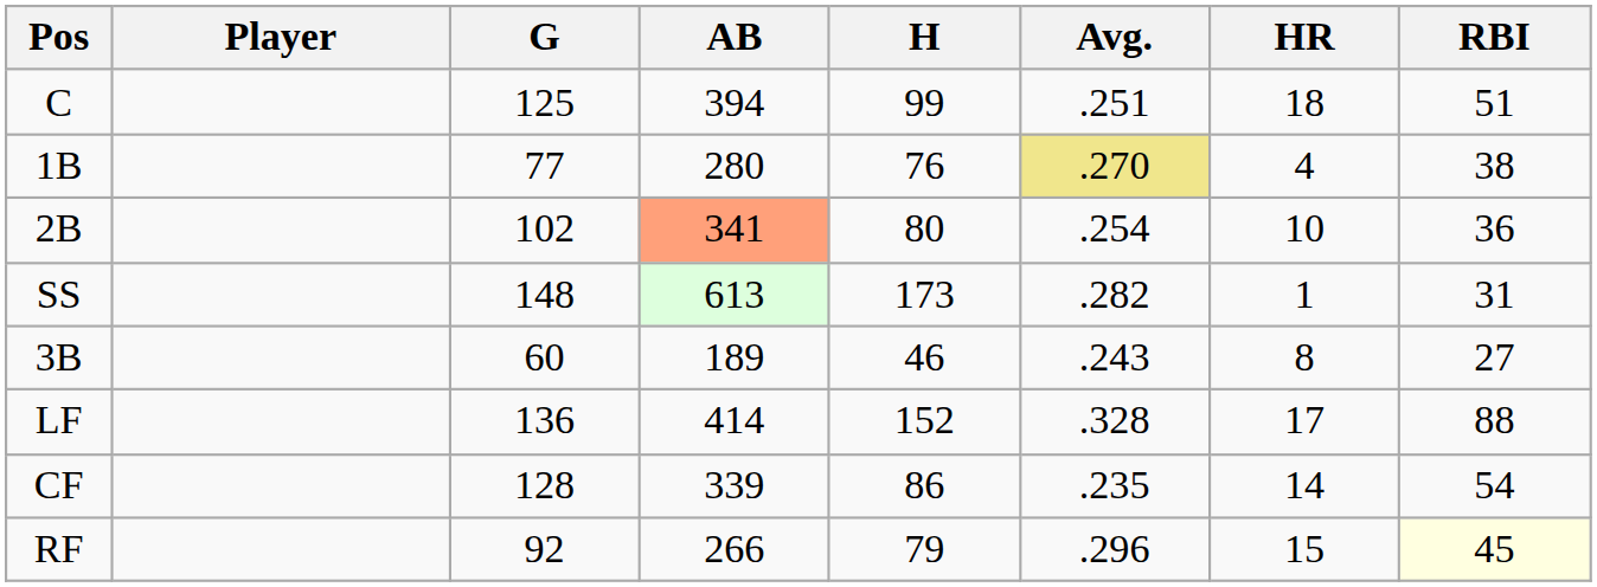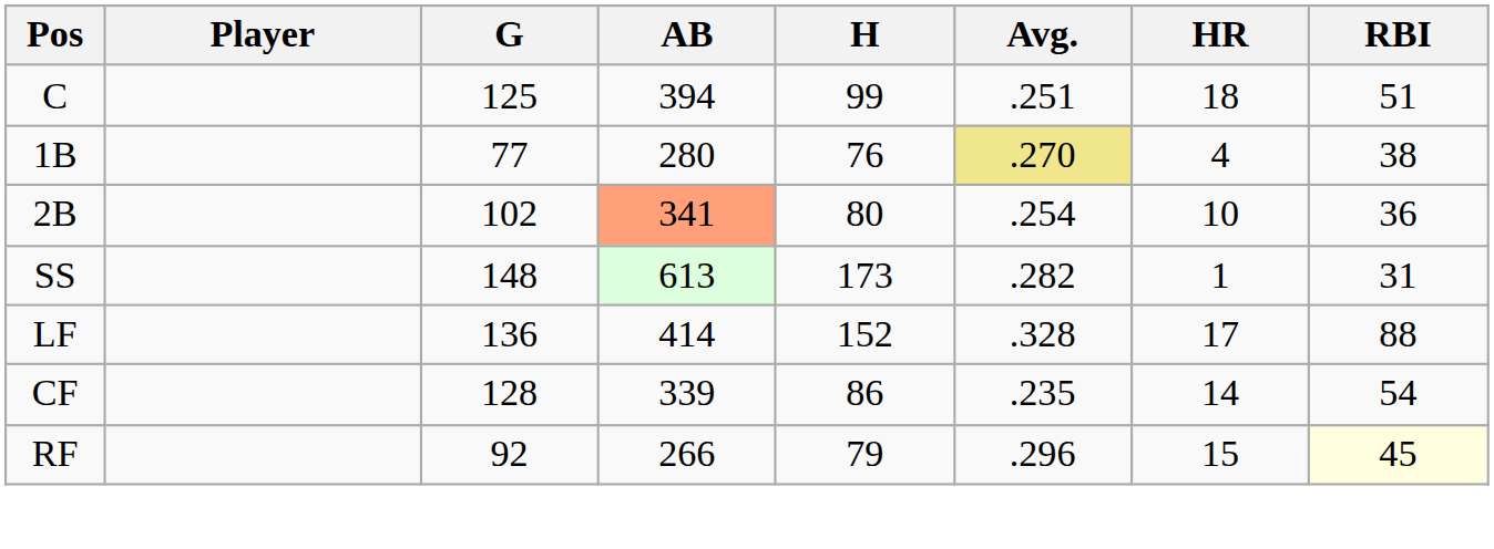 <table class="wikitable sortable">
 <tr>
 <th bgcolor="#DDDDFF" width="5%">Pos</th>
 <th bgcolor="#DDDDFF" width="16%">Player</th>
 <th bgcolor="#DDDDFF" width="9%">G</th>
 <th bgcolor="#DDDDFF" width="9%">AB</th>
 <th bgcolor="#DDDDFF" width="9%">H</th>
 <th bgcolor="#DDDDFF" width="9%">Avg.</th>
 <th bgcolor="#DDDDFF" width="9%">HR</th>
 <th bgcolor="#DDDDFF" width="9%">RBI</th>
 </tr>
 <tr align="center">
 <td>C</td>
 <td></td>
 <td>125</td>
 <td>394</td>
 <td>99</td>
 <td>.251</td>
 <td>18</td>
 <td>51</td>
 </tr>
 <tr align="center">
 <td>1B</td>
 <td></td>
 <td>77</td>
 <td>280</td>
 <td>76</td>
 <td style="background: khaki;">.270</td>
 <td>4</td>
 <td>38</td>
 </tr>
 <tr align="center">
 <td>2B</td>
 <td></td>
 <td>102</td>
 <td style="background: lightsalmon;">341</td>
 <td>80</td>
 <td>.254</td>
 <td>10</td>
 <td>36</td>
 </tr>
 <tr align="center">
 <td>SS</td>
 <td></td>
 <td>148</td>
 <td style="background:#DDFFDD;">613</td>
 <td>173</td>
 <td>.282</td>
 <td>1</td>
 <td>31</td>
 </tr>
 <tr align="center">
-<td>3B</td>
-<td></td>
-<td>60</td>
-<td>189</td>
-<td>46</td>
-<td>.243</td>
-<td>8</td>
-<td>27</td>
-</tr>
-<tr align="center">
 <td>LF</td>
 <td></td>
 <td>136</td>
 <td>414</td>
 <td>152</td>
 <td>.328</td>
 <td>17</td>
 <td>88</td>
 </tr>
 <tr align="center">
 <td>CF</td>
 <td></td>
 <td>128</td>
 <td>339</td>
 <td>86</td>
 <td>.235</td>
 <td>14</td>
 <td>54</td>
 </tr>
 <tr align="center">
 <td>RF</td>
 <td></td>
 <td>92</td>
 <td>266</td>
 <td>79</td>
 <td>.296</td>
 <td>15</td>
 <td style="background: lightyellow;">45</td>
 </tr>
 </table>
